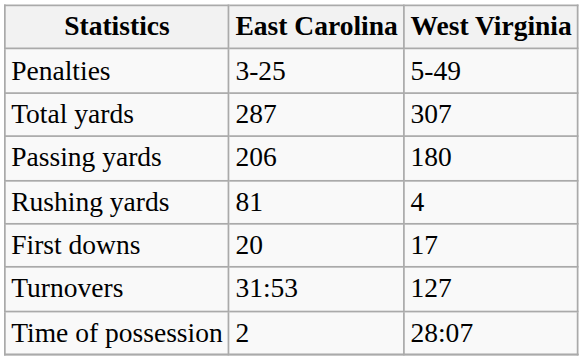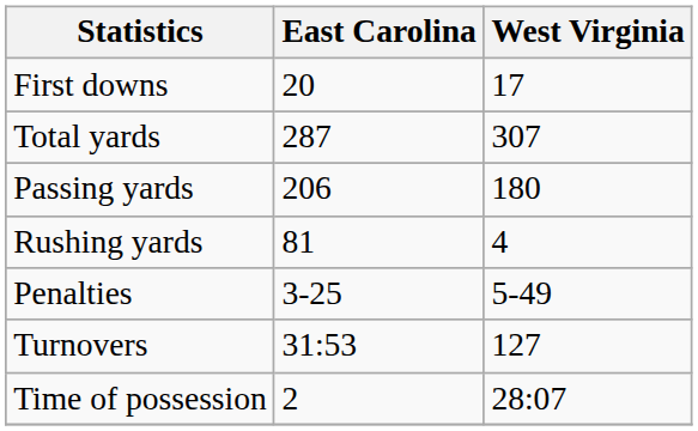 <table class="wikitable" style="float: left;">
 <tr>
 <th>Statistics</th>
 <th>East Carolina</th>
 <th>West Virginia</th>
 </tr>
 <tr>
-<td>Penalties</td>
-<td>3-25</td>
-<td>5-49</td>
+<td>First downs</td>
+<td>20</td>
+<td>17</td>
 </tr>
 <tr>
 <td>Total yards</td>
 <td>287</td>
 <td>307</td>
 </tr>
 <tr>
 <td>Passing yards</td>
 <td>206</td>
 <td>180</td>
 </tr>
 <tr>
 <td>Rushing yards</td>
 <td>81</td>
 <td>4</td>
 </tr>
 <tr>
-<td>First downs</td>
-<td>20</td>
-<td>17</td>
+<td>Penalties</td>
+<td>3-25</td>
+<td>5-49</td>
 </tr>
 <tr>
 <td>Turnovers</td>
 <td>31:53</td>
 <td>127</td>
 </tr>
 <tr>
 <td>Time of possession</td>
 <td>2</td>
 <td>28:07</td>
 </tr>
 <tr>
 </tr>
 </table>
